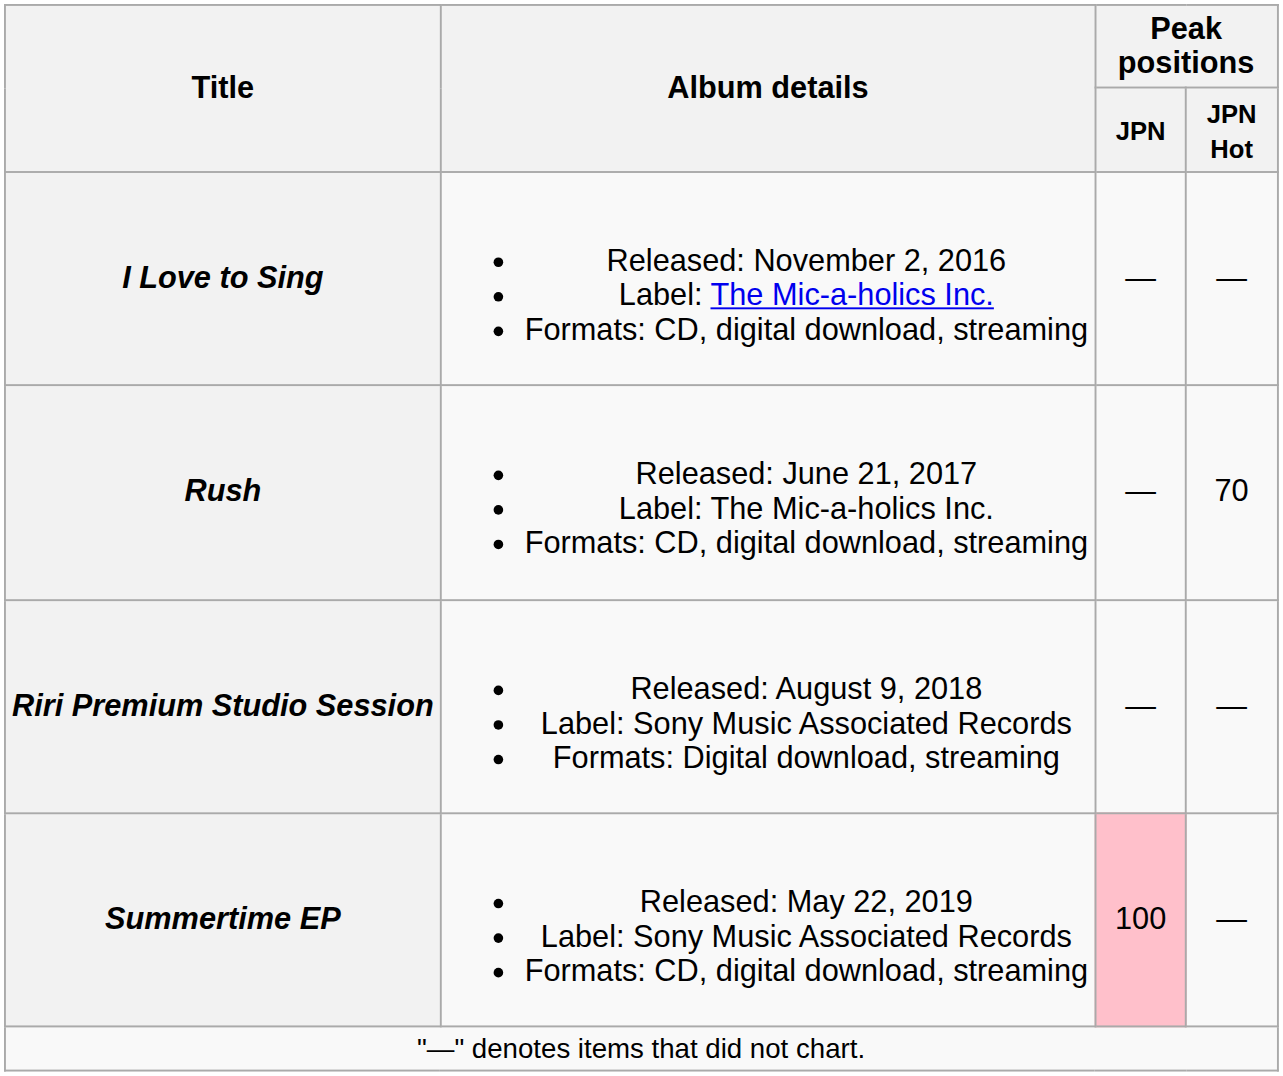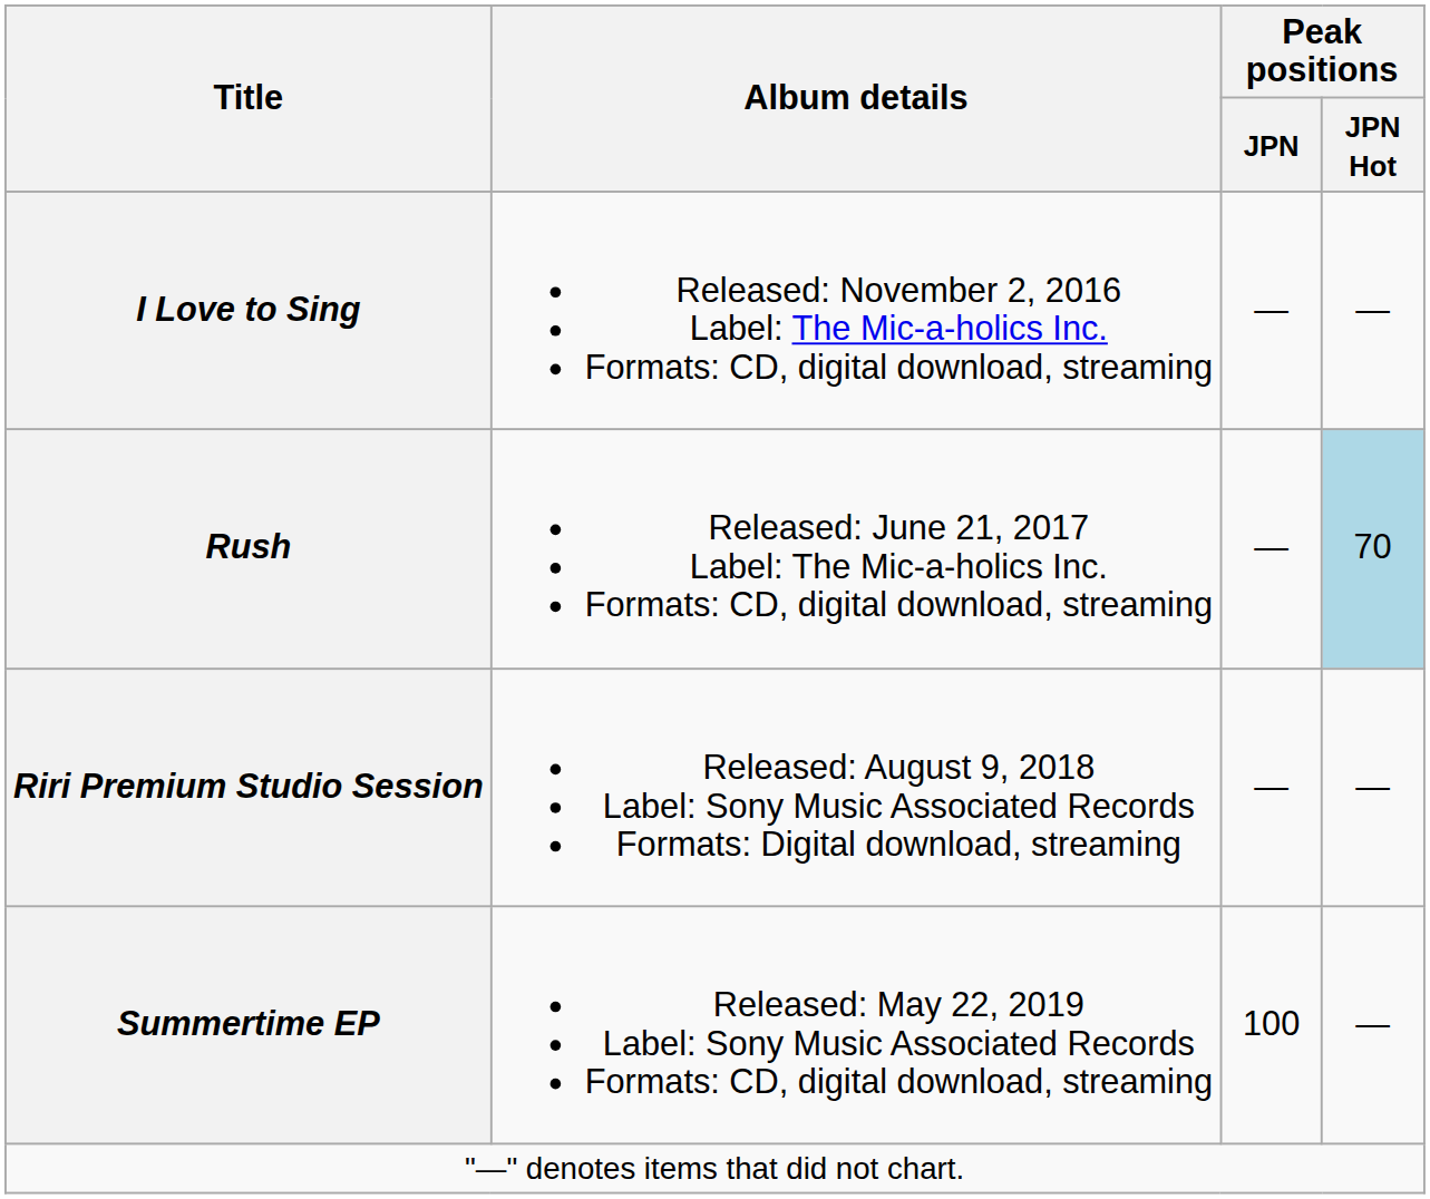 <table class="wikitable plainrowheaders" style="text-align:center;">
 <tr>
 <th rowspan="2">Title</th>
 <th rowspan="2">Album details</th>
 <th colspan="2">Peak positions</th>
 </tr>
 <tr>
 <th style="width:2.5em;"><small>JPN</small><br></th>
 <th style="width:2.5em;"><small>JPN<br>Hot</small><br></th>
 </tr>
 <tr>
 <th scope="row"><em>I Love to Sing</em></th>
 <td><br><ul><li>Released: November 2, 2016</li><li>Label: <a href='#'>The Mic-a-holics Inc.</a></li><li>Formats: CD, digital download, streaming</li></ul></td>
 <td>—</td>
 <td>—</td>
 </tr>
 <tr>
 <th scope="row"><em>Rush</em></th>
 <td><br><ul><li>Released: June 21, 2017</li><li>Label: The Mic-a-holics Inc.</li><li>Formats: CD, digital download, streaming</li></ul></td>
 <td>—</td>
-<td>70</td>
+<td style="background: lightblue;">70</td>
 </tr>
 <tr>
 <th scope="row"><em>Riri Premium Studio Session</em></th>
 <td><br><ul><li>Released: August 9, 2018</li><li>Label: Sony Music Associated Records</li><li>Formats: Digital download, streaming</li></ul></td>
 <td>—</td>
 <td>—</td>
 </tr>
 <tr>
 <th scope="row"><em>Summertime EP</em></th>
 <td><br><ul><li>Released: May 22, 2019</li><li>Label: Sony Music Associated Records</li><li>Formats: CD, digital download, streaming</li></ul></td>
-<td style="background: pink;">100</td>
+<td>100</td>
 <td>—</td>
 </tr>
 <tr>
 <td colspan="4" align="center" style="font-size:90%;">"—" denotes items that did not chart.</td>
 </tr>
 </table>
